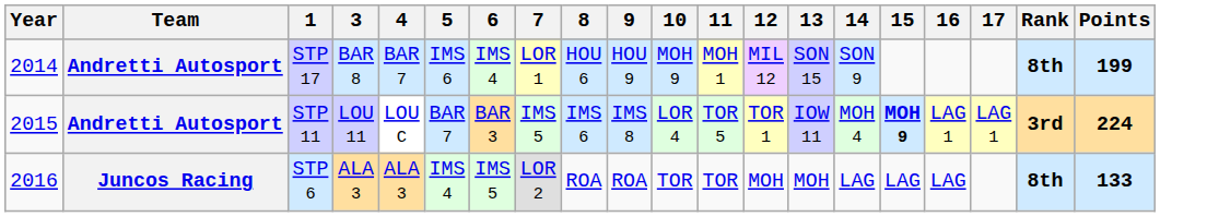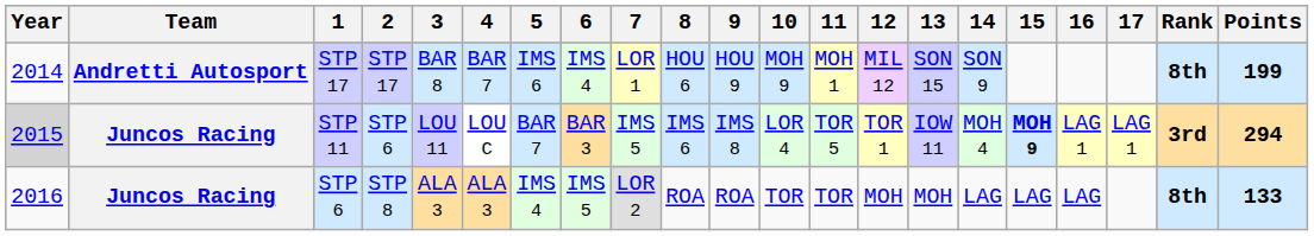 <table class="wikitable" style="text-align:center; font-size:90%">
 <tr>
 <th>Year</th>
 <th>Team</th>
 <th>1</th>
+<th>2</th>
 <th>3</th>
 <th>4</th>
 <th>5</th>
 <th>6</th>
 <th>7</th>
 <th>8</th>
 <th>9</th>
 <th>10</th>
 <th>11</th>
 <th>12</th>
 <th>13</th>
 <th>14</th>
 <th>15</th>
 <th>16</th>
 <th>17</th>
 <th>Rank</th>
 <th>Points</th>
 </tr>
 <tr>
 <td><a href='#'>2014</a></td>
 <th><a href='#'>Andretti Autosport</a></th>
 <td style="background:#CFCFFF;"><a href='#'>STP</a><br><small>17</small></td>
+<td style="background:#CFCFFF;"><a href='#'>STP</a><br><small>17</small></td>
 <td style="background:#CFEAFF;"><a href='#'>BAR</a><br><small>8</small></td>
 <td style="background:#CFEAFF;"><a href='#'>BAR</a><br><small>7</small></td>
 <td style="background:#CFEAFF;"><a href='#'>IMS</a><br><small>6</small></td>
 <td style="background:#DFFFDF;"><a href='#'>IMS</a><br><small>4</small></td>
 <td style="background:#FFFFBF;"><a href='#'>LOR</a><br><small>1</small></td>
 <td style="background:#CFEAFF;"><a href='#'>HOU</a><br><small>6</small></td>
 <td style="background:#CFEAFF;"><a href='#'>HOU</a><br><small>9</small></td>
 <td style="background:#CFEAFF;"><a href='#'>MOH</a><br><small>9</small></td>
 <td style="background:#FFFFBF;"><a href='#'>MOH</a><br><small>1</small></td>
 <td style="background:#EFCFFF;"><a href='#'>MIL</a><br><small>12</small></td>
 <td style="background:#CFCFFF;"><a href='#'>SON</a><br><small>15</small></td>
 <td style="background:#CFEAFF;"><a href='#'>SON</a><br><small>9</small></td>
 <td></td>
 <td></td>
 <td></td>
 <td style="background:#CFEAFF;"><strong>8th</strong></td>
 <td style="background:#CFEAFF;"><strong>199</strong></td>
 </tr>
 <tr>
-<td><a href='#'>2015</a></td>
-<th><a href='#'>Andretti Autosport</a></th>
+<td style="background: lightgrey;"><a href='#'>2015</a></td>
+<th><a href='#'>Juncos Racing</a></th>
 <td style="background:#CFCFFF;"><a href='#'>STP</a><br><small>11</small></td>
+<td style="background:#CFEAFF;"><a href='#'>STP</a><br><small>6</small></td>
 <td style="background:#CFCFFF;"><a href='#'>LOU</a><br><small>11</small></td>
 <td style="background:#FFFFFF;"><a href='#'>LOU</a><br><small>C</small></td>
 <td style="background:#CFEAFF;"><a href='#'>BAR</a><br><small>7</small></td>
 <td style="background:#FFDF9F;"><a href='#'>BAR</a><br><small>3</small></td>
 <td style="background:#DFFFDF;"><a href='#'>IMS</a><br><small>5</small></td>
 <td style="background:#CFEAFF;"><a href='#'>IMS</a><br><small>6</small></td>
 <td style="background:#CFEAFF;"><a href='#'>IMS</a><br><small>8</small></td>
 <td style="background:#DFFFDF;"><a href='#'>LOR</a><br><small>4</small></td>
 <td style="background:#DFFFDF;"><a href='#'>TOR</a><br><small>5</small></td>
 <td style="background:#FFFFBF;"><a href='#'>TOR</a><br><small>1</small></td>
 <td style="background:#CFCFFF;"><a href='#'>IOW</a><br><small>11</small></td>
 <td style="background:#DFFFDF;"><a href='#'>MOH</a><br><small>4</small></td>
 <td style="background:#CFEAFF;"><strong><a href='#'>MOH</a><br><small>9</small></strong></td>
 <td style="background:#FFFFBF;"><a href='#'>LAG</a><br><small>1</small></td>
 <td style="background:#FFFFBF;"><a href='#'>LAG</a><br><small>1</small></td>
 <td style="background:#FFDF9F;"><strong>3rd</strong></td>
-<td style="background:#FFDF9F;"><strong>224</strong></td>
+<td style="background:#FFDF9F;"><strong>294</strong></td>
 </tr>
 <tr>
 <td><a href='#'>2016</a></td>
 <th><a href='#'>Juncos Racing</a></th>
 <td style="background:#CFEAFF;"><a href='#'>STP</a><br><small>6</small></td>
+<td style="background:#CFEAFF;"><a href='#'>STP</a><br><small>8</small></td>
 <td style="background:#FFDF9F;"><a href='#'>ALA</a><br><small>3</small></td>
 <td style="background:#FFDF9F;"><a href='#'>ALA</a><br><small>3</small></td>
 <td style="background:#DFFFDF;"><a href='#'>IMS</a><br><small>4</small></td>
 <td style="background:#DFFFDF;"><a href='#'>IMS</a><br><small>5</small></td>
 <td style="background:#DFDFDF;"><a href='#'>LOR</a><br><small>2</small></td>
 <td style="background:"><a href='#'>ROA</a><br><small> </small></td>
 <td style="background:"><a href='#'>ROA</a><br><small> </small></td>
 <td style="background:"><a href='#'>TOR</a><br><small> </small></td>
 <td style="background:"><a href='#'>TOR</a><br><small> </small></td>
 <td style="background:"><a href='#'>MOH</a><br><small> </small></td>
 <td style="background:"><a href='#'>MOH</a><br><small> </small></td>
 <td style="background:"><a href='#'>LAG</a><br><small> </small></td>
 <td style="background:"><a href='#'>LAG</a><br><small> </small></td>
 <td style="background:"><a href='#'>LAG</a><br><small> </small></td>
 <td></td>
 <td style="background:#CFEAFF;"><strong>8th</strong></td>
 <td style="background:#CFEAFF;"><strong>133</strong></td>
 </tr>
 </table>
